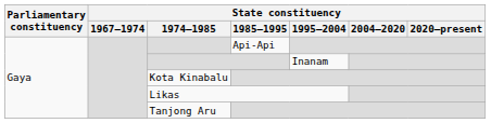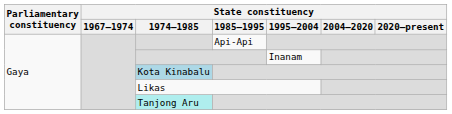 <table class=wikitable>
 <tr>
 <th rowspan=2>Parliamentary<br>constituency</th>
 <th colspan=6>State constituency</th>
 </tr>
 <tr>
 <th>1967–1974</th>
 <th>1974–1985</th>
 <th>1985–1995</th>
 <th>1995–2004</th>
 <th>2004–2020</th>
 <th>2020–present</th>
 </tr>
 <tr>
 <td rowspan=5>Gaya</td>
 <td rowspan=5 bgcolor=dcdcdc></td>
 <td bgcolor=dcdcdc></td>
 <td>Api-Api</td>
 <td colspan=3 bgcolor=dcdcdc></td>
 </tr>
 <tr>
 <td colspan=2 bgcolor=dcdcdc></td>
 <td>Inanam</td>
 <td colspan=2 bgcolor=dcdcdc></td>
 </tr>
 <tr>
-<td>Kota Kinabalu</td>
+<td style="background: lightblue;">Kota Kinabalu</td>
 <td colspan=4 bgcolor=dcdcdc></td>
 </tr>
 <tr>
 <td colspan=3>Likas</td>
 <td colspan=2 bgcolor=dcdcdc></td>
 </tr>
 <tr>
-<td>Tanjong Aru</td>
+<td style="background: paleturquoise;">Tanjong Aru</td>
 <td colspan=4 bgcolor=dcdcdc></td>
 </tr>
 </table>
